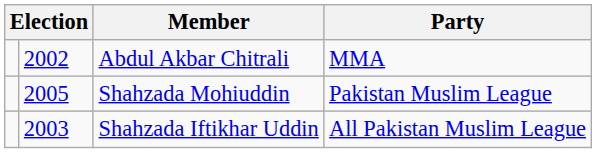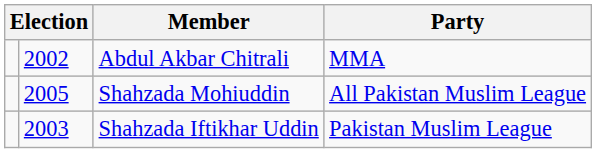 <table class="wikitable">
 <tr>
 <th colspan="2">Election</th>
 <th>Member</th>
 <th>Party</th>
 </tr>
 <tr>
 <td style="background-color: "></td>
 <td><a href='#'>2002</a></td>
 <td><a href='#'>Abdul Akbar Chitrali</a></td>
 <td><a href='#'>MMA</a></td>
 </tr>
 <tr>
 <td style="background-color: "></td>
 <td><a href='#'>2005</a></td>
 <td><a href='#'>Shahzada Mohiuddin</a></td>
-<td><a href='#'>Pakistan Muslim League</a></td>
+<td><a href='#'>All Pakistan Muslim League</a></td>
 </tr>
 <tr>
 <td style="background-color: "></td>
 <td><a href='#'>2003</a></td>
 <td><a href='#'>Shahzada Iftikhar Uddin</a></td>
-<td><a href='#'>All Pakistan Muslim League</a></td>
+<td><a href='#'>Pakistan Muslim League</a></td>
 </tr>
 </table>
